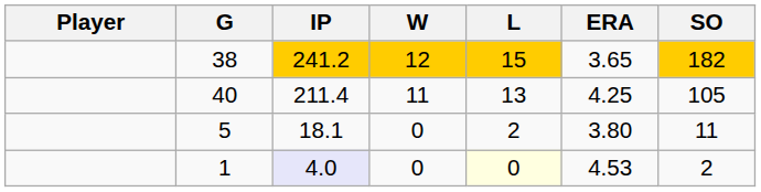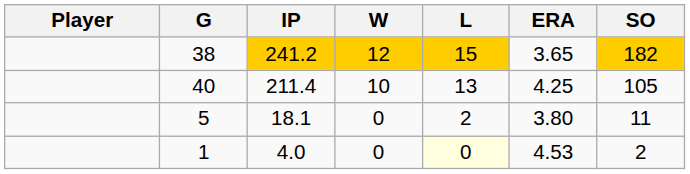 <table class="wikitable sortable">
 <tr>
 <th bgcolor="#DDDDFF" width="16%">Player</th>
 <th bgcolor="#DDDDFF" width="9%">G</th>
 <th bgcolor="#DDDDFF" width="9%">IP</th>
 <th bgcolor="#DDDDFF" width="9%">W</th>
 <th bgcolor="#DDDDFF" width="9%">L</th>
 <th bgcolor="#DDDDFF" width="9%">ERA</th>
 <th bgcolor="#DDDDFF" width="9%">SO</th>
 </tr>
 <tr align="center">
 <td></td>
 <td>38</td>
 <td style="background:#fc0;">241.2</td>
 <td style="background:#fc0;">12</td>
 <td style="background:#fc0;">15</td>
 <td>3.65</td>
 <td style="background:#fc0;">182</td>
 </tr>
 <tr align="center">
 <td></td>
 <td>40</td>
 <td>211.4</td>
-<td>11</td>
+<td>10</td>
 <td>13</td>
 <td>4.25</td>
 <td>105</td>
 </tr>
 <tr align="center">
 <td></td>
 <td>5</td>
 <td>18.1</td>
 <td>0</td>
 <td>2</td>
 <td>3.80</td>
 <td>11</td>
 </tr>
 <tr align="center">
 <td></td>
 <td>1</td>
-<td style="background: lavender;">4.0</td>
+<td>4.0</td>
 <td>0</td>
 <td style="background: lightyellow;">0</td>
 <td>4.53</td>
 <td>2</td>
 </tr>
 </table>
